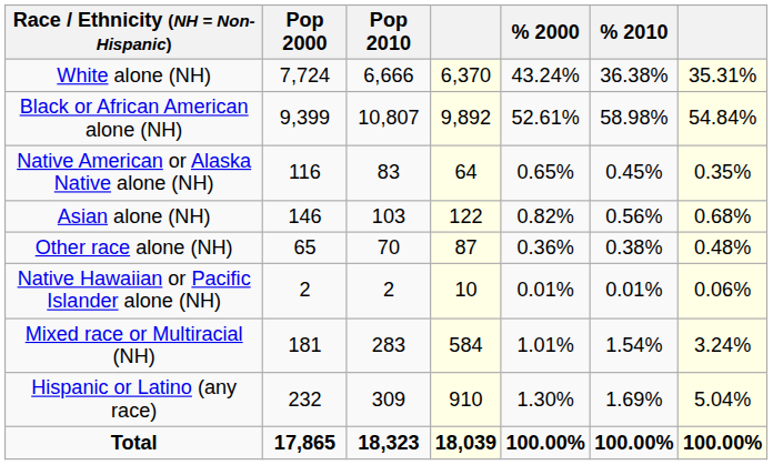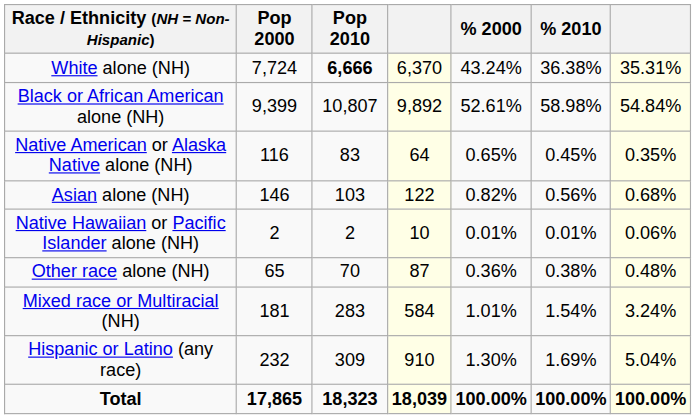 <table class="wikitable" style="text-align:center;">
 <tr>
 <th>Race / Ethnicity <small>(<em>NH = Non-Hispanic</em>)</small></th>
 <th>Pop 2000</th>
 <th>Pop 2010</th>
 <th></th>
 <th>% 2000</th>
 <th>% 2010</th>
 <th></th>
 </tr>
 <tr>
 <td><a href='#'>White</a> alone (NH)</td>
 <td>7,724</td>
-<td>6,666</td>
+<td><strong>6,666</strong></td>
 <td style='background: #ffffe6;'>6,370</td>
 <td>43.24%</td>
 <td>36.38%</td>
 <td style='background: #ffffe6;'>35.31%</td>
 </tr>
 <tr>
 <td><a href='#'>Black or African American</a> alone (NH)</td>
 <td>9,399</td>
 <td>10,807</td>
 <td style='background: #ffffe6;'>9,892</td>
 <td>52.61%</td>
 <td>58.98%</td>
 <td style='background: #ffffe6;'>54.84%</td>
 </tr>
 <tr>
 <td><a href='#'>Native American</a> or <a href='#'>Alaska Native</a> alone (NH)</td>
 <td>116</td>
 <td>83</td>
 <td style='background: #ffffe6;'>64</td>
 <td>0.65%</td>
 <td>0.45%</td>
 <td style='background: #ffffe6;'>0.35%</td>
 </tr>
 <tr>
 <td><a href='#'>Asian</a> alone (NH)</td>
 <td>146</td>
 <td>103</td>
 <td style='background: #ffffe6;'>122</td>
 <td>0.82%</td>
 <td>0.56%</td>
 <td style='background: #ffffe6;'>0.68%</td>
 </tr>
 <tr>
+<td><a href='#'>Native Hawaiian</a> or <a href='#'>Pacific Islander</a> alone (NH)</td>
+<td>2</td>
+<td>2</td>
+<td style='background: #ffffe6;'>10</td>
+<td>0.01%</td>
+<td>0.01%</td>
+<td style='background: #ffffe6;'>0.06%</td>
+</tr>
+<tr>
 <td><a href='#'>Other race</a> alone (NH)</td>
 <td>65</td>
 <td>70</td>
 <td style='background: #ffffe6;'>87</td>
 <td>0.36%</td>
 <td>0.38%</td>
 <td style='background: #ffffe6;'>0.48%</td>
-</tr>
-<tr>
-<td><a href='#'>Native Hawaiian</a> or <a href='#'>Pacific Islander</a> alone (NH)</td>
-<td>2</td>
-<td>2</td>
-<td style='background: #ffffe6;'>10</td>
-<td>0.01%</td>
-<td>0.01%</td>
-<td style='background: #ffffe6;'>0.06%</td>
 </tr>
 <tr>
 <td><a href='#'>Mixed race or Multiracial</a> (NH)</td>
 <td>181</td>
 <td>283</td>
 <td style='background: #ffffe6;'>584</td>
 <td>1.01%</td>
 <td>1.54%</td>
 <td style='background: #ffffe6;'>3.24%</td>
 </tr>
 <tr>
 <td><a href='#'>Hispanic or Latino</a> (any race)</td>
 <td>232</td>
 <td>309</td>
 <td style='background: #ffffe6;'>910</td>
 <td>1.30%</td>
 <td>1.69%</td>
 <td style='background: #ffffe6;'>5.04%</td>
 </tr>
 <tr>
 <td><strong>Total</strong></td>
 <td><strong>17,865</strong></td>
 <td><strong>18,323</strong></td>
 <td style='background: #ffffe6;'><strong>18,039</strong></td>
 <td><strong>100.00%</strong></td>
 <td><strong>100.00%</strong></td>
 <td style='background: #ffffe6;'><strong>100.00%</strong></td>
 </tr>
 </table>
